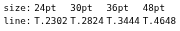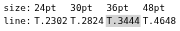 <table style="margin-left:40px;">
 <tr>
 <td>size:</td>
 <td>24pt</td>
 <td>30pt</td>
 <td>36pt</td>
 <td>48pt</td>
 </tr>
 <tr>
 <td>line:</td>
 <td>T.2302</td>
 <td>T.2824</td>
-<td>T.3444</td>
+<td style="background: lightgrey;">T.3444</td>
 <td>T.4648</td>
 </tr>
 </table>
